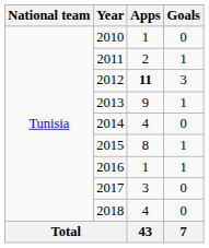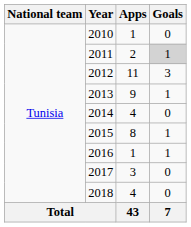 <table class="wikitable" style="text-align:center">
 <tr>
 <th>National team</th>
 <th>Year</th>
 <th>Apps</th>
 <th>Goals</th>
 </tr>
 <tr>
 <td rowspan="9"><a href='#'>Tunisia</a></td>
 <td>2010</td>
 <td>1</td>
 <td>0</td>
 </tr>
 <tr>
 <td>2011</td>
 <td>2</td>
-<td>1</td>
+<td style="background: lightgrey;">1</td>
 </tr>
 <tr>
 <td>2012</td>
-<td><strong>11</strong></td>
+<td>11</td>
 <td>3</td>
 </tr>
 <tr>
 <td>2013</td>
 <td>9</td>
 <td>1</td>
 </tr>
 <tr>
 <td>2014</td>
 <td>4</td>
 <td>0</td>
 </tr>
 <tr>
 <td>2015</td>
 <td>8</td>
 <td>1</td>
 </tr>
 <tr>
 <td>2016</td>
 <td>1</td>
 <td>1</td>
 </tr>
 <tr>
 <td>2017</td>
 <td>3</td>
 <td>0</td>
 </tr>
 <tr>
 <td>2018</td>
 <td>4</td>
 <td>0</td>
 </tr>
 <tr>
 <th colspan="2">Total</th>
 <th>43</th>
 <th>7</th>
 </tr>
 </table>
